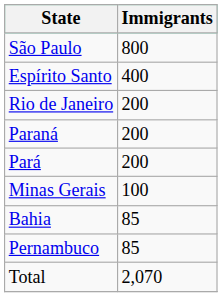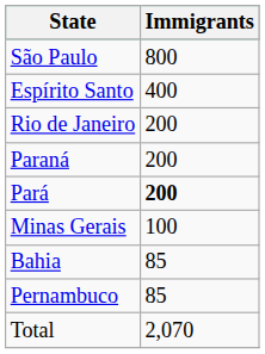 <table class="wikitable">
 <tr style="background:#009966;" colspan="2">
 <th>State</th>
 <th>Immigrants</th>
 </tr>
 <tr>
 <td><a href='#'>São Paulo</a></td>
 <td>800</td>
 </tr>
 <tr>
 <td><a href='#'>Espírito Santo</a></td>
 <td>400</td>
 </tr>
 <tr>
 <td><a href='#'>Rio de Janeiro</a></td>
 <td>200</td>
 </tr>
 <tr>
 <td><a href='#'>Paraná</a></td>
 <td>200</td>
 </tr>
 <tr>
 <td><a href='#'>Pará</a></td>
-<td>200</td>
+<td><strong>200</strong></td>
 </tr>
 <tr>
 <td><a href='#'>Minas Gerais</a></td>
 <td>100</td>
 </tr>
 <tr>
 <td><a href='#'>Bahia</a></td>
 <td>85</td>
 </tr>
 <tr>
 <td><a href='#'>Pernambuco</a></td>
 <td>85</td>
 </tr>
 <tr>
 <td>Total</td>
 <td>2,070</td>
 </tr>
 <tr>
 </tr>
 </table>
